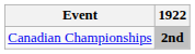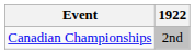 <table class="wikitable">
 <tr>
 <th>Event</th>
 <th>1922</th>
 </tr>
 <tr>
 <td><a href='#'>Canadian Championships</a></td>
-<td align="center" bgcolor="silver"><strong>2nd</strong></td>
+<td align="center" bgcolor="silver">2nd</td>
 </tr>
 </table>
